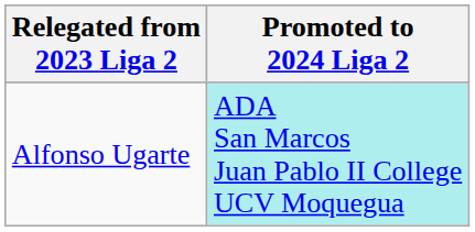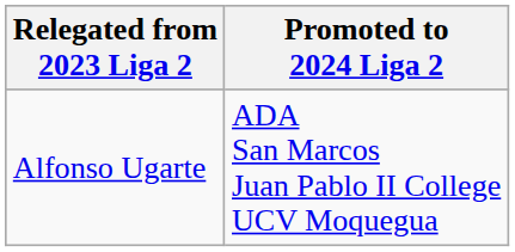 <table class="wikitable">
 <tr>
 <th>Relegated from<br><a href='#'>2023 Liga 2</a></th>
 <th>Promoted to <br><a href='#'>2024 Liga 2</a></th>
 </tr>
 <tr>
 <td> <a href='#'>Alfonso Ugarte</a> </td>
-<td style="background: paleturquoise;"> <a href='#'>ADA</a> <br> <a href='#'>San Marcos</a> <br> <a href='#'>Juan Pablo II College</a> <br> <a href='#'>UCV Moquegua</a> </td>
+<td> <a href='#'>ADA</a> <br> <a href='#'>San Marcos</a> <br> <a href='#'>Juan Pablo II College</a> <br> <a href='#'>UCV Moquegua</a> </td>
 </tr>
 </table>
